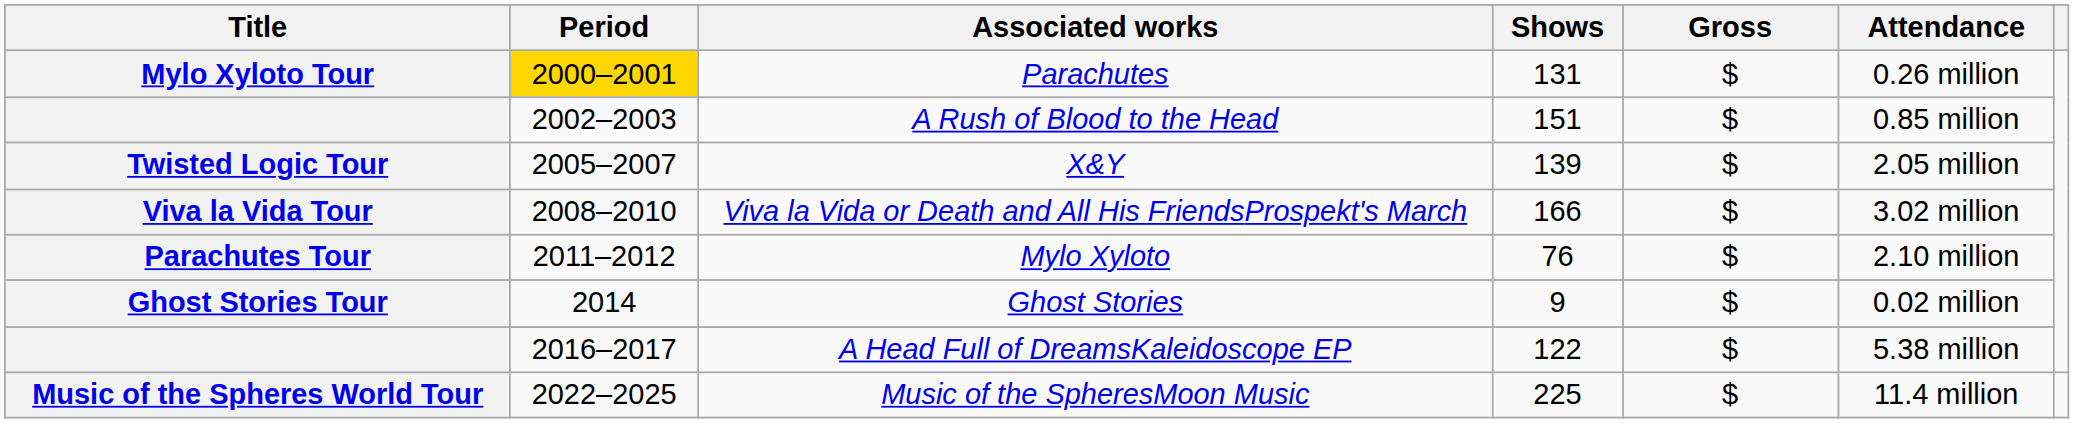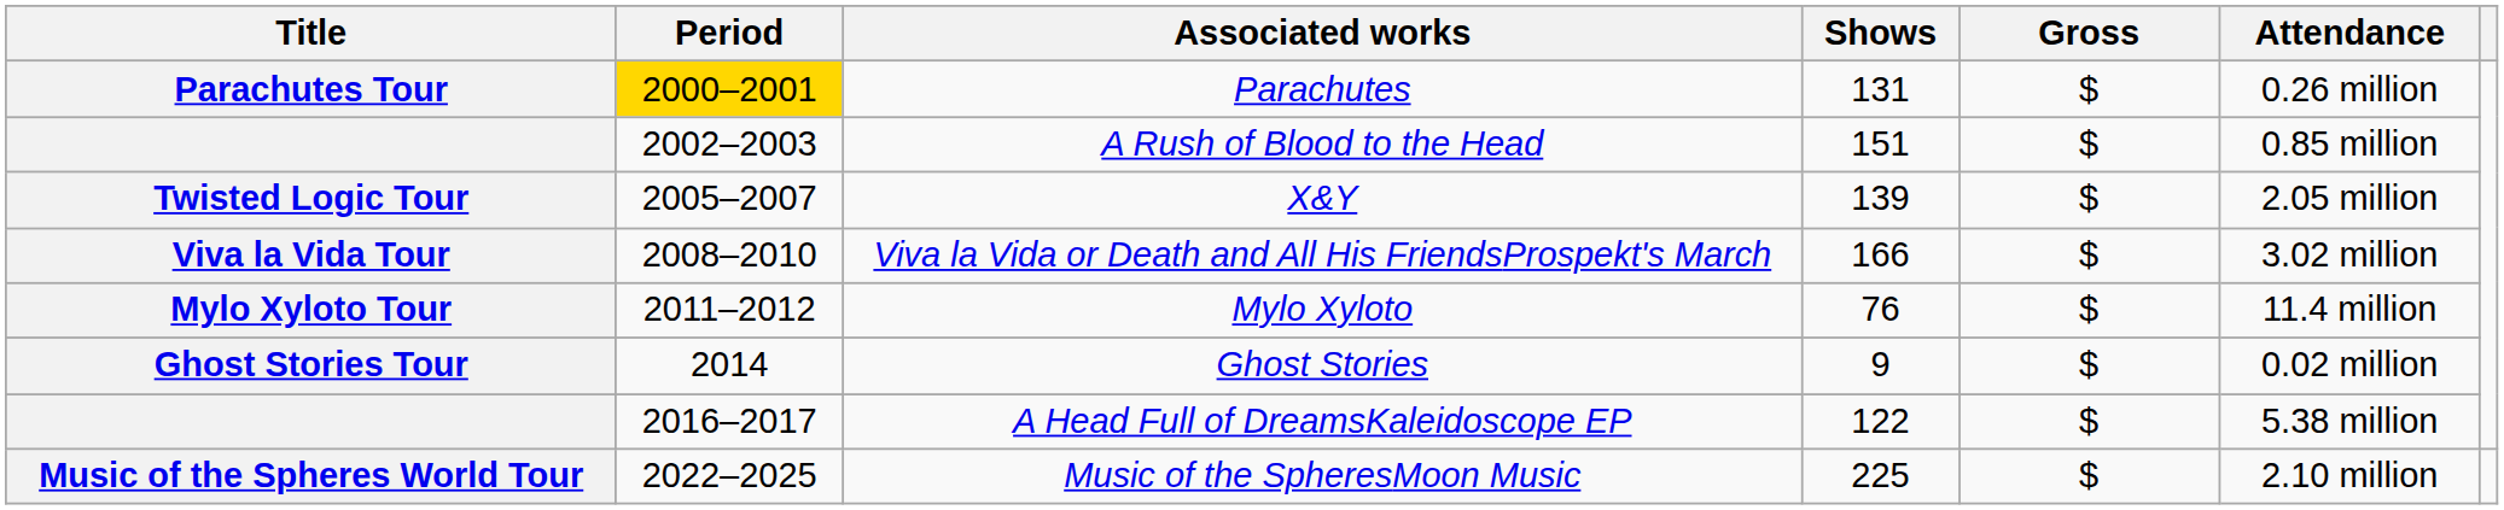 <table class="wikitable sortable plainrowheaders" style="text-align:center;">
 <tr>
 <th scope="col" style="width:17em;">Title</th>
 <th scope="col" style="width:6em;">Period</th>
 <th scope="col" style="width:27em;">Associated works</th>
 <th scope="col" style="width:4em;">Shows</th>
 <th scope="col" style="width:7em;">Gross</th>
 <th scope="col" style="width:7em;">Attendance</th>
 <th scope="col" class="unsortable"></th>
 </tr>
 <tr>
-<th scope="row"><a href='#'>Mylo Xyloto Tour</a></th>
+<th scope="row"><a href='#'>Parachutes Tour</a></th>
 <td style="background: gold;">2000–2001</td>
 <td><em><a href='#'>Parachutes</a></em></td>
 <td>131</td>
 <td>$</td>
 <td>0.26 million</td>
 <td rowspan="7"></td>
 </tr>
 <tr>
 <th scope="row"></th>
 <td>2002–2003</td>
 <td><em><a href='#'>A Rush of Blood to the Head</a></em></td>
 <td>151</td>
 <td>$</td>
 <td>0.85 million</td>
 </tr>
 <tr>
 <th scope="row"><a href='#'>Twisted Logic Tour</a></th>
 <td>2005–2007</td>
 <td><em><a href='#'>X&Y</a></em></td>
 <td>139</td>
 <td>$</td>
 <td>2.05 million</td>
 </tr>
 <tr>
 <th scope="row"><a href='#'>Viva la Vida Tour</a></th>
 <td>2008–2010</td>
 <td><em><a href='#'>Viva la Vida or Death and All His Friends</a></em><em><a href='#'>Prospekt's March</a></em></td>
 <td>166</td>
 <td>$</td>
 <td>3.02 million</td>
 </tr>
 <tr>
-<th scope="row"><a href='#'>Parachutes Tour</a></th>
+<th scope="row"><a href='#'>Mylo Xyloto Tour</a></th>
 <td>2011–2012</td>
 <td><em><a href='#'>Mylo Xyloto</a></em></td>
 <td>76</td>
 <td>$</td>
-<td>2.10 million</td>
+<td>11.4 million</td>
 </tr>
 <tr>
 <th scope="row"><a href='#'>Ghost Stories Tour</a></th>
 <td>2014</td>
 <td><em><a href='#'>Ghost Stories</a></em></td>
 <td>9</td>
 <td>$</td>
 <td>0.02 million</td>
 </tr>
 <tr>
 <th scope="row"></th>
 <td>2016–2017</td>
 <td><em><a href='#'>A Head Full of Dreams</a></em><em><a href='#'>Kaleidoscope EP</a></em></td>
 <td>122</td>
 <td>$</td>
 <td>5.38 million</td>
 </tr>
 <tr>
 <th scope="row"><a href='#'>Music of the Spheres World Tour</a></th>
 <td>2022–2025</td>
 <td><em><a href='#'>Music of the Spheres</a></em><em><a href='#'>Moon Music</a></em></td>
 <td>225</td>
 <td>$</td>
-<td>11.4 million</td>
+<td>2.10 million</td>
 <td></td>
 </tr>
 </table>
